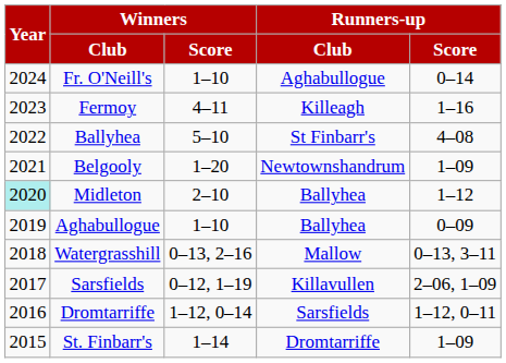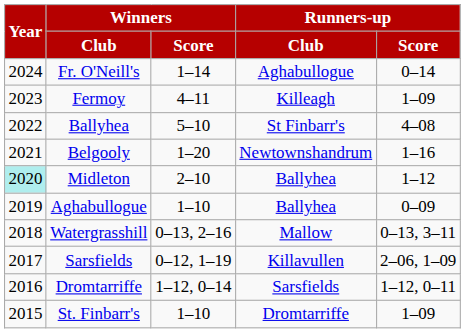 <table class="wikitable" style="text-align:center;">
 <tr>
 <th rowspan="2" style="background:#B60000;color:white" scope="col" !>Year</th>
 <th colspan="2" style="background:#B60000;color:white" scope="col" !>Winners</th>
 <th colspan="2" style="background:#B60000;color:white" class="unsortable" scope="col" !>Runners-up</th>
 </tr>
 <tr>
 <th style="background:#B60000;color:white" scope="col" !>Club</th>
 <th style="background:#B60000;color:white" scope="col" !>Score</th>
 <th style="background:#B60000;color:white" scope="col" !>Club</th>
 <th style="background:#B60000;color:white" scope="col" !>Score</th>
 </tr>
 <tr>
 <td>2024</td>
 <td><a href='#'>Fr. O'Neill's</a></td>
-<td>1–10</td>
+<td>1–14</td>
 <td><a href='#'>Aghabullogue</a></td>
 <td>0–14</td>
 </tr>
 <tr>
 <td>2023</td>
 <td><a href='#'>Fermoy</a></td>
 <td>4–11</td>
 <td><a href='#'>Killeagh</a></td>
-<td>1–16</td>
+<td>1–09</td>
 </tr>
 <tr>
 <td>2022</td>
 <td><a href='#'>Ballyhea</a></td>
 <td>5–10</td>
 <td><a href='#'>St Finbarr's</a></td>
 <td>4–08</td>
 </tr>
 <tr>
 <td>2021</td>
 <td><a href='#'>Belgooly</a></td>
 <td>1–20</td>
 <td><a href='#'>Newtownshandrum</a></td>
-<td>1–09</td>
+<td>1–16</td>
 </tr>
 <tr>
 <td style="background: paleturquoise;">2020</td>
 <td><a href='#'>Midleton</a></td>
 <td>2–10</td>
 <td><a href='#'>Ballyhea</a></td>
 <td>1–12</td>
 </tr>
 <tr>
 <td>2019</td>
 <td><a href='#'>Aghabullogue</a></td>
 <td>1–10</td>
 <td><a href='#'>Ballyhea</a></td>
 <td>0–09</td>
 </tr>
 <tr>
 <td>2018</td>
 <td><a href='#'>Watergrasshill</a></td>
 <td>0–13, 2–16</td>
 <td><a href='#'>Mallow</a></td>
 <td>0–13, 3–11</td>
 </tr>
 <tr>
 <td>2017</td>
 <td><a href='#'>Sarsfields</a></td>
 <td>0–12, 1–19</td>
 <td><a href='#'>Killavullen</a></td>
 <td>2–06, 1–09</td>
 </tr>
 <tr>
 <td>2016</td>
 <td><a href='#'>Dromtarriffe</a></td>
 <td>1–12, 0–14</td>
 <td><a href='#'>Sarsfields</a></td>
 <td>1–12, 0–11</td>
 </tr>
 <tr>
 <td>2015</td>
 <td><a href='#'>St. Finbarr's</a></td>
-<td>1–14</td>
+<td>1–10</td>
 <td><a href='#'>Dromtarriffe</a></td>
 <td>1–09</td>
 </tr>
 </table>
